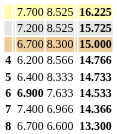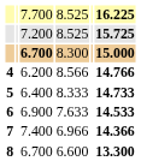 <table>
 <tr style="background:#fffcaf;">
 <th scope=row style="text-align:center"></th>
 <td style="text-align:left;"></td>
 <td>7.700</td>
 <td>8.525</td>
 <td></td>
 <td><strong>16.225</strong></td>
 </tr>
 <tr style="background:#e5e5e5;">
 <th scope=row style="text-align:center"></th>
 <td style="text-align:left;"></td>
 <td>7.200</td>
 <td>8.525</td>
 <td></td>
 <td><strong>15.725</strong></td>
 </tr>
 <tr style="background:#ec9;">
 <th scope=row style="text-align:center"></th>
 <td style="text-align:left;"></td>
-<td>6.700</td>
+<td><strong>6.700</strong></td>
 <td>8.300</td>
 <td></td>
 <td><strong>15.000</strong></td>
 </tr>
 <tr>
 <th scope=row style="text-align:center">4</th>
 <td style="text-align:left;"></td>
 <td>6.200</td>
 <td>8.566</td>
 <td></td>
 <td><strong>14.766</strong></td>
 </tr>
 <tr>
 <th scope=row style="text-align:center">5</th>
 <td style="text-align:left;"></td>
 <td>6.400</td>
 <td>8.333</td>
 <td></td>
 <td><strong>14.733</strong></td>
 </tr>
 <tr>
 <th scope=row style="text-align:center">6</th>
 <td style="text-align:left;"></td>
-<td><strong>6.900</strong></td>
+<td>6.900</td>
 <td>7.633</td>
 <td></td>
 <td><strong>14.533</strong></td>
 </tr>
 <tr>
 <th scope=row style="text-align:center">7</th>
 <td style="text-align:left;"></td>
 <td>7.400</td>
 <td>6.966</td>
 <td></td>
 <td><strong>14.366</strong></td>
 </tr>
 <tr>
 <th scope=row style="text-align:center">8</th>
 <td style="text-align:left;"></td>
 <td>6.700</td>
 <td>6.600</td>
 <td></td>
 <td><strong>13.300</strong></td>
 </tr>
 </table>
